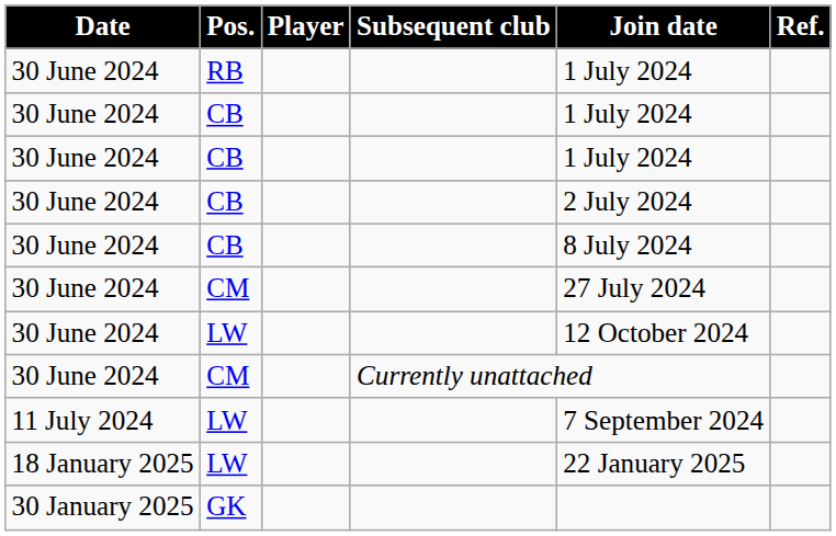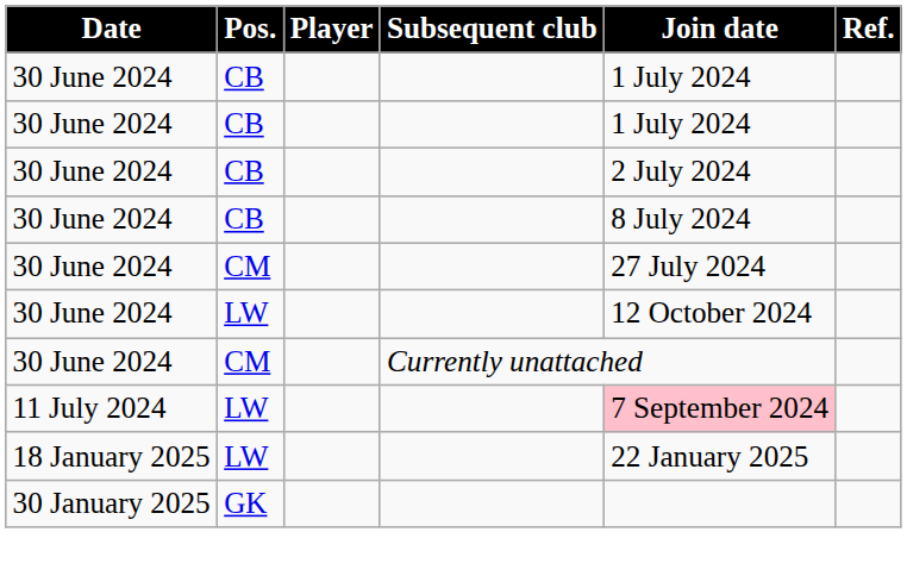 <table class="wikitable plainrowheaders sortable">
 <tr>
 <th style="background:black; color:white; ">Date</th>
 <th style="background:black; color:white; ">Pos.</th>
 <th style="background:black; color:white; ">Player</th>
 <th style="background:black; color:white; ">Subsequent club</th>
 <th style="background:black; color:white; ">Join date</th>
 <th style="background:black; color:white; ">Ref.</th>
-</tr>
-<tr>
-<td>30 June 2024</td>
-<td><a href='#'>RB</a></td>
-<td></td>
-<td></td>
-<td>1 July 2024</td>
-<td></td>
 </tr>
 <tr>
 <td>30 June 2024</td>
 <td><a href='#'>CB</a></td>
 <td></td>
 <td></td>
 <td>1 July 2024</td>
 <td></td>
 </tr>
 <tr>
 <td>30 June 2024</td>
 <td><a href='#'>CB</a></td>
 <td></td>
 <td></td>
 <td>1 July 2024</td>
 <td></td>
 </tr>
 <tr>
 <td>30 June 2024</td>
 <td><a href='#'>CB</a></td>
 <td></td>
 <td></td>
 <td>2 July 2024</td>
 <td></td>
 </tr>
 <tr>
 <td>30 June 2024</td>
 <td><a href='#'>CB</a></td>
 <td></td>
 <td></td>
 <td>8 July 2024</td>
 <td></td>
 </tr>
 <tr>
 <td>30 June 2024</td>
 <td><a href='#'>CM</a></td>
 <td></td>
 <td></td>
 <td>27 July 2024</td>
 <td></td>
 </tr>
 <tr>
 <td>30 June 2024</td>
 <td><a href='#'>LW</a></td>
 <td></td>
 <td></td>
 <td>12 October 2024</td>
 <td></td>
 </tr>
 <tr>
 <td>30 June 2024</td>
 <td><a href='#'>CM</a></td>
 <td></td>
 <td colspan="2"><em>Currently unattached</em></td>
 <td></td>
 </tr>
 <tr>
 <td>11 July 2024</td>
 <td><a href='#'>LW</a></td>
 <td></td>
 <td></td>
-<td>7 September 2024</td>
+<td style="background: pink;">7 September 2024</td>
 <td></td>
 </tr>
 <tr>
 <td>18 January 2025</td>
 <td><a href='#'>LW</a></td>
 <td></td>
 <td></td>
 <td>22 January 2025</td>
 <td></td>
 </tr>
 <tr>
 <td>30 January 2025</td>
 <td><a href='#'>GK</a></td>
 <td></td>
 <td></td>
 <td></td>
 <td></td>
 </tr>
 </table>
